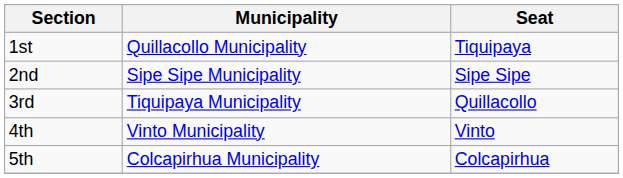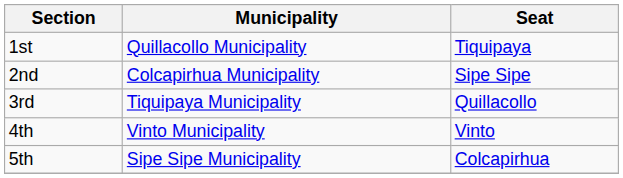 <table class="wikitable" border="1" style="width:35%;" border="1">
 <tr bgcolor=silver>
 <th><strong>Section</strong></th>
 <th><strong>Municipality</strong></th>
 <th><strong>Seat</strong></th>
 </tr>
 <tr>
 <td>1st</td>
 <td><a href='#'>Quillacollo Municipality</a></td>
 <td><a href='#'>Tiquipaya</a></td>
 </tr>
 <tr>
 <td>2nd</td>
-<td><a href='#'>Sipe Sipe Municipality</a></td>
+<td><a href='#'>Colcapirhua Municipality</a></td>
 <td><a href='#'>Sipe Sipe</a></td>
 </tr>
 <tr>
 <td>3rd</td>
 <td><a href='#'>Tiquipaya Municipality</a></td>
 <td><a href='#'>Quillacollo</a></td>
 </tr>
 <tr>
 <td>4th</td>
 <td><a href='#'>Vinto Municipality</a></td>
 <td><a href='#'>Vinto</a></td>
 </tr>
 <tr>
 <td>5th</td>
-<td><a href='#'>Colcapirhua Municipality</a></td>
+<td><a href='#'>Sipe Sipe Municipality</a></td>
 <td><a href='#'>Colcapirhua</a></td>
 </tr>
 <tr>
 </tr>
 </table>
